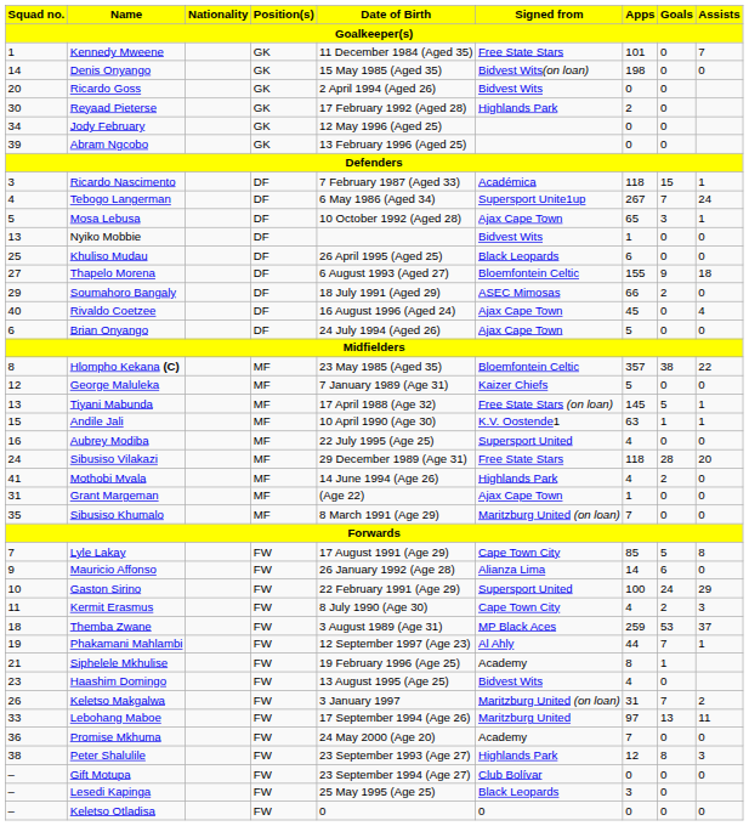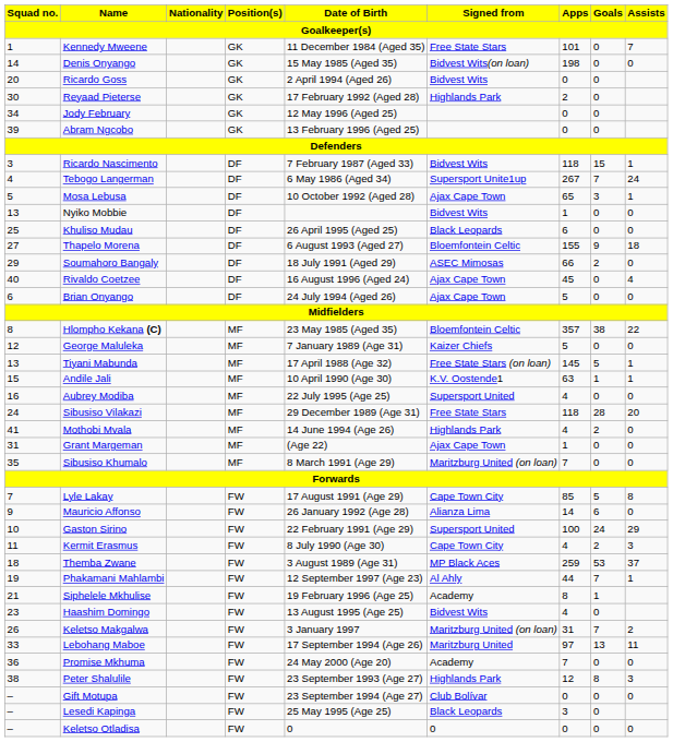 <table class="wikitable" style="text-align:left; font-size:90%;">
 <tr>
 <th style="background:#FDFF00;color;green: text-align:center;">Squad no.</th>
 <th style="background:yellow;colour;green; text-align; ">Name</th>
 <th style="background:yellow;colour;green; text-align:center; ">Nationality</th>
 <th style="background:yellow;colour;green; text-align:center;">Position(s)</th>
 <th style="background:yellow;colour;green; text-align:center;">Date of Birth</th>
 <th style="background:yellow;colour;green; text-align:center;">Signed from</th>
 <th style="background:yellow;colour;green; text-align:center;">Apps</th>
 <th style="background:yellow;colour;green; text-align:center;">Goals</th>
 <th style="background:yellow;colour;green; text-align:center;">Assists</th>
 </tr>
 <tr>
 <th colspan="10" style="background:yellow;colour;green; text-align:center;">Goalkeeper(s)</th>
 </tr>
 <tr>
 <td>1</td>
 <td><a href='#'>Kennedy Mweene</a></td>
 <td></td>
 <td>GK</td>
 <td>11 December 1984 (Aged 35)</td>
 <td> <a href='#'>Free State Stars</a></td>
 <td>101</td>
 <td>0</td>
 <td>7</td>
 </tr>
 <tr>
 <td>14</td>
 <td><a href='#'>Denis Onyango</a></td>
 <td></td>
 <td>GK</td>
 <td>15 May 1985 (Aged 35)</td>
 <td><a href='#'>Bidvest Wits</a><em>(on loan)</em></td>
 <td>198</td>
 <td>0</td>
 <td>0</td>
 </tr>
 <tr>
 <td>20</td>
 <td><a href='#'>Ricardo Goss</a></td>
 <td></td>
 <td>GK</td>
 <td>2 April 1994 (Aged 26)</td>
 <td> <a href='#'>Bidvest Wits</a></td>
 <td>0</td>
 <td>0</td>
 <td></td>
 </tr>
 <tr>
 <td>30</td>
 <td><a href='#'>Reyaad Pieterse</a></td>
 <td></td>
 <td>GK</td>
 <td>17 February 1992 (Aged 28)</td>
 <td> <a href='#'>Highlands Park</a></td>
 <td>2</td>
 <td>0</td>
 <td></td>
 </tr>
 <tr>
 <td>34</td>
 <td><a href='#'>Jody February</a></td>
 <td></td>
 <td>GK</td>
 <td>12 May 1996 (Aged 25)</td>
 <td></td>
 <td>0</td>
 <td>0</td>
 <td></td>
 </tr>
 <tr>
 <td>39</td>
 <td><a href='#'>Abram Ngcobo</a></td>
 <td></td>
 <td>GK</td>
 <td>13 February 1996 (Aged 25)</td>
 <td></td>
 <td>0</td>
 <td>0</td>
 <td></td>
 </tr>
 <tr>
 <th colspan="9" style="background: yellow;colour;green; text-align: center;">Defenders</th>
 </tr>
 <tr>
 <td>3</td>
 <td><a href='#'>Ricardo Nascimento</a></td>
 <td></td>
 <td>DF</td>
 <td>7 February 1987 (Aged 33)</td>
-<td> <a href='#'>Académica</a></td>
+<td> <a href='#'>Bidvest Wits</a></td>
 <td>118</td>
 <td>15</td>
 <td>1</td>
 </tr>
 <tr>
 <td>4</td>
 <td><a href='#'>Tebogo Langerman</a></td>
 <td></td>
 <td>DF</td>
 <td>6 May 1986 (Aged 34)</td>
 <td> <a href='#'>Supersport Unite1up</a></td>
 <td>267</td>
 <td>7</td>
 <td>24</td>
 </tr>
 <tr>
 <td>5</td>
 <td><a href='#'>Mosa Lebusa</a></td>
 <td></td>
 <td>DF</td>
 <td>10 October 1992 (Aged 28)</td>
 <td> <a href='#'>Ajax Cape Town</a></td>
 <td>65</td>
 <td>3</td>
 <td>1</td>
 </tr>
 <tr>
 <td>13</td>
 <td>Nyiko Mobbie</td>
 <td></td>
 <td>DF</td>
 <td></td>
 <td> <a href='#'>Bidvest Wits</a></td>
 <td>1</td>
 <td>0</td>
 <td>0</td>
 </tr>
 <tr>
 <td>25</td>
 <td><a href='#'>Khuliso Mudau</a></td>
 <td></td>
 <td>DF</td>
 <td>26 April 1995 (Aged 25)</td>
 <td> <a href='#'>Black Leopards</a></td>
 <td>6</td>
 <td>0</td>
 <td>0</td>
 </tr>
 <tr>
 <td>27</td>
 <td><a href='#'>Thapelo Morena</a></td>
 <td></td>
 <td>DF</td>
 <td>6 August 1993 (Aged 27)</td>
 <td> <a href='#'>Bloemfontein Celtic</a></td>
 <td>155</td>
 <td>9</td>
 <td>18</td>
 </tr>
 <tr>
 <td>29</td>
 <td><a href='#'>Soumahoro Bangaly</a></td>
 <td></td>
 <td>DF</td>
 <td>18 July 1991 (Aged 29)</td>
 <td> <a href='#'>ASEC Mimosas</a></td>
 <td>66</td>
 <td>2</td>
 <td>0</td>
 </tr>
 <tr>
 <td>40</td>
 <td><a href='#'>Rivaldo Coetzee</a></td>
 <td></td>
 <td>DF</td>
 <td>16 August 1996 (Aged 24)</td>
 <td> <a href='#'>Ajax Cape Town</a></td>
 <td>45</td>
 <td>0</td>
 <td>4</td>
 </tr>
 <tr>
 <td>6</td>
 <td><a href='#'>Brian Onyango</a></td>
 <td></td>
 <td>DF</td>
 <td>24 July 1994 (Aged 26)</td>
 <td> <a href='#'>Ajax Cape Town</a></td>
 <td>5</td>
 <td>0</td>
 <td>0</td>
 </tr>
 <tr>
 <th colspan="9" style="background:yellow;colour; blue; text-align:center;">Midfielders</th>
 </tr>
 <tr>
 <td>8</td>
 <td><a href='#'>Hlompho Kekana</a> <strong>(C)</strong></td>
 <td></td>
 <td>MF</td>
 <td>23 May 1985 (Aged 35)</td>
 <td> <a href='#'>Bloemfontein Celtic</a></td>
 <td>357</td>
 <td>38</td>
 <td>22</td>
 </tr>
 <tr>
 <td>12</td>
 <td><a href='#'>George Maluleka</a></td>
 <td></td>
 <td>MF</td>
 <td>7 January 1989  (Age 31)</td>
 <td> <a href='#'>Kaizer Chiefs</a></td>
 <td>5</td>
 <td>0</td>
 <td>0</td>
 </tr>
 <tr>
 <td>13</td>
 <td><a href='#'>Tiyani Mabunda</a></td>
 <td></td>
 <td>MF</td>
 <td>17 April 1988 (Age 32)</td>
 <td> <a href='#'>Free State Stars</a> <em>(on loan)</em></td>
 <td>145</td>
 <td>5</td>
 <td>1</td>
 </tr>
 <tr>
 <td>15</td>
 <td><a href='#'>Andile Jali</a></td>
 <td></td>
 <td>MF</td>
 <td>10 April 1990 (Age 30)</td>
 <td> <a href='#'>K.V. Oostende</a>1</td>
 <td>63</td>
 <td>1</td>
 <td>1</td>
 </tr>
 <tr>
 <td>16</td>
 <td><a href='#'>Aubrey Modiba</a></td>
 <td></td>
 <td>MF</td>
 <td>22 July 1995 (Age 25)</td>
 <td> <a href='#'>Supersport United</a></td>
 <td>4</td>
 <td>0</td>
 <td>0</td>
 </tr>
 <tr>
 <td>24</td>
 <td><a href='#'>Sibusiso Vilakazi</a></td>
 <td></td>
 <td>MF</td>
 <td>29 December 1989 (Age 31)</td>
 <td> <a href='#'>Free State Stars</a></td>
 <td>118</td>
 <td>28</td>
 <td>20</td>
 </tr>
 <tr>
 <td>41</td>
 <td><a href='#'>Mothobi Mvala</a></td>
 <td></td>
 <td>MF</td>
 <td>14 June 1994 (Age 26)</td>
 <td> <a href='#'>Highlands Park</a></td>
 <td>4</td>
 <td>2</td>
 <td>0</td>
 </tr>
 <tr>
 <td>31</td>
 <td><a href='#'>Grant Margeman</a></td>
 <td></td>
 <td>MF</td>
 <td>(Age 22)</td>
 <td> <a href='#'>Ajax Cape Town</a></td>
 <td>1</td>
 <td>0</td>
 <td>0</td>
 </tr>
 <tr>
 <td>35</td>
 <td><a href='#'>Sibusiso Khumalo</a></td>
 <td></td>
 <td>MF</td>
 <td>8 March 1991 (Age 29)</td>
 <td> <a href='#'>Maritzburg United</a> <em>(on loan)</em></td>
 <td>7</td>
 <td>0</td>
 <td>0</td>
 </tr>
 <tr>
 <th colspan="9" style="background: yellow;colour;green; text-align: center;">Forwards</th>
 </tr>
 <tr>
 <td>7</td>
 <td><a href='#'>Lyle Lakay</a></td>
 <td></td>
 <td>FW</td>
 <td>17 August 1991 (Age 29)</td>
 <td> <a href='#'>Cape Town City</a></td>
 <td>85</td>
 <td>5</td>
 <td>8</td>
 </tr>
 <tr>
 <td>9</td>
 <td><a href='#'>Mauricio Affonso</a></td>
 <td></td>
 <td>FW</td>
 <td>26 January 1992 (Age 28)</td>
 <td> <a href='#'>Alianza Lima</a></td>
 <td>14</td>
 <td>6</td>
 <td>0</td>
 </tr>
 <tr>
 <td>10</td>
 <td><a href='#'>Gaston Sirino</a></td>
 <td></td>
 <td>FW</td>
 <td>22 February 1991 (Age 29)</td>
 <td> <a href='#'>Supersport United</a></td>
 <td>100</td>
 <td>24</td>
 <td>29</td>
 </tr>
 <tr>
 <td>11</td>
 <td><a href='#'>Kermit Erasmus</a></td>
 <td></td>
 <td>FW</td>
 <td>8 July 1990 (Age 30)</td>
 <td> <a href='#'>Cape Town City</a></td>
 <td>4</td>
 <td>2</td>
 <td>3</td>
 </tr>
 <tr>
 <td>18</td>
 <td><a href='#'>Themba Zwane</a></td>
 <td></td>
 <td>FW</td>
 <td>3 August 1989 (Age 31)</td>
 <td> <a href='#'>MP Black Aces</a></td>
 <td>259</td>
 <td>53</td>
 <td>37</td>
 </tr>
 <tr>
 <td>19</td>
 <td><a href='#'>Phakamani Mahlambi</a></td>
 <td></td>
 <td>FW</td>
 <td>12 September 1997 (Age 23)</td>
 <td> <a href='#'>Al Ahly</a></td>
 <td>44</td>
 <td>7</td>
 <td>1</td>
 </tr>
 <tr>
 <td>21</td>
 <td><a href='#'>Siphelele Mkhulise</a></td>
 <td></td>
 <td>FW</td>
 <td>19 February 1996 (Age 25)</td>
 <td>Academy</td>
 <td>8</td>
 <td>1</td>
 <td></td>
 </tr>
 <tr>
 <td>23</td>
 <td><a href='#'>Haashim Domingo</a></td>
 <td></td>
 <td>FW</td>
 <td>13 August 1995 (Age 25)</td>
 <td> <a href='#'>Bidvest Wits</a></td>
 <td>4</td>
 <td>0</td>
 <td></td>
 </tr>
 <tr>
 <td>26</td>
 <td><a href='#'>Keletso Makgalwa</a></td>
 <td></td>
 <td>FW</td>
 <td>3 January 1997</td>
 <td> <a href='#'>Maritzburg United</a> <em>(on loan)</em></td>
 <td>31</td>
 <td>7</td>
 <td>2</td>
 </tr>
 <tr>
 <td>33</td>
 <td><a href='#'>Lebohang Maboe</a></td>
 <td></td>
 <td>FW</td>
 <td>17 September 1994 (Age 26)</td>
 <td> <a href='#'>Maritzburg United</a></td>
 <td>97</td>
 <td>13</td>
 <td>11</td>
 </tr>
 <tr>
 <td>36</td>
 <td><a href='#'>Promise Mkhuma</a></td>
 <td></td>
 <td>FW</td>
 <td>24 May 2000 (Age 20)</td>
 <td>Academy</td>
 <td>7</td>
 <td>0</td>
 <td>0</td>
 </tr>
 <tr>
 <td>38</td>
 <td><a href='#'>Peter Shalulile</a></td>
 <td></td>
 <td>FW</td>
 <td>23 September 1993 (Age 27)</td>
 <td> <a href='#'>Highlands Park</a></td>
 <td>12</td>
 <td>8</td>
 <td>3</td>
 </tr>
 <tr>
 <td>–</td>
 <td><a href='#'>Gift Motupa</a></td>
 <td></td>
 <td>FW</td>
 <td>23 September 1994 (Age 27)</td>
 <td> <a href='#'>Club Bolívar</a></td>
 <td>0</td>
 <td>0</td>
 <td>0</td>
 </tr>
 <tr>
 <td>–</td>
 <td><a href='#'>Lesedi Kapinga</a></td>
 <td></td>
 <td>FW</td>
 <td>25 May 1995 (Age 25)</td>
 <td> <a href='#'>Black Leopards</a></td>
 <td>3</td>
 <td>0</td>
 <td></td>
 </tr>
 <tr>
 <td>–</td>
 <td><a href='#'>Keletso Otladisa</a></td>
 <td></td>
 <td>FW</td>
 <td>0</td>
 <td>0</td>
 <td>0</td>
 <td>0</td>
 <td>0</td>
 </tr>
 </table>
